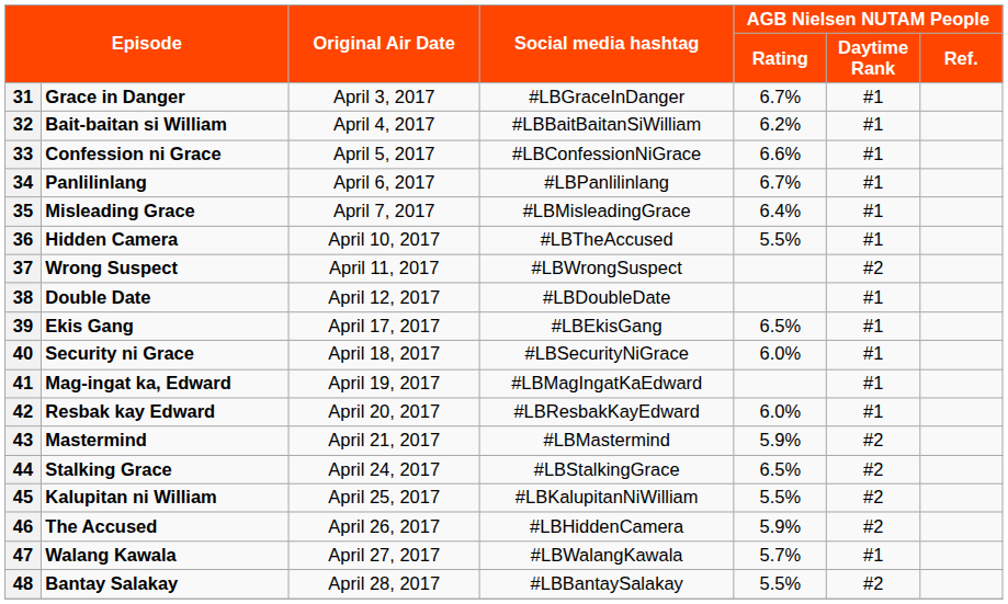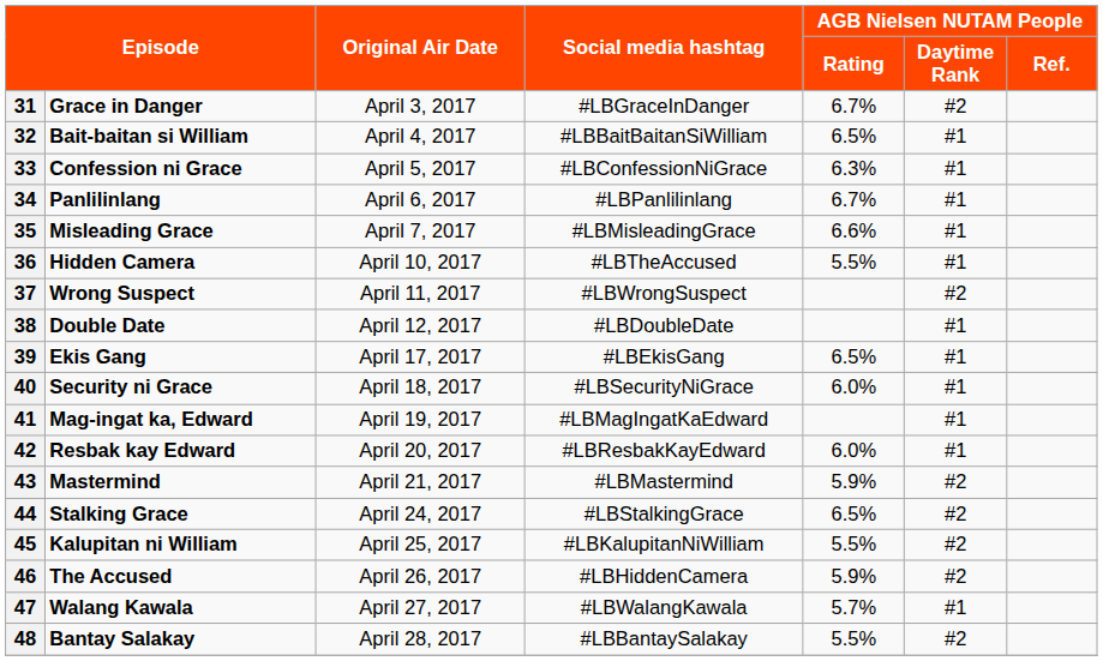 <table class="wikitable" style="text-align:center; font-size:100%; line-height:18px;"  width="100%">
 <tr>
 <th colspan="2" rowspan="2" style="background-color:#FF4500; color:#ffffff;">Episode</th>
 <th style="background:#FF4500; color:white" rowspan="2">Original Air Date</th>
 <th style="background:#FF4500; color:white" rowspan="2">Social media hashtag</th>
 <th style="background-color:#FF4500; color:#ffffff;" colspan="3">AGB Nielsen NUTAM People</th>
 </tr>
 <tr>
 <th style="background-color:#FF4500; width:75px; color:#ffffff;">Rating</th>
 <th style="background-color:#FF4500; width:75px; color:#ffffff;">Daytime<br>Rank</th>
 <th style="background-color:#FF4500; color:#ffffff;">Ref.</th>
 </tr>
 <tr>
 <th>31</th>
 <td style="text-align: left;"><strong>Grace in Danger</strong></td>
 <td>April 3, 2017</td>
 <td>#LBGraceInDanger</td>
 <td>6.7%</td>
-<td>#1</td>
+<td>#2</td>
 <td></td>
 </tr>
 <tr>
 <th>32</th>
 <td style="text-align: left;"><strong>Bait-baitan si William</strong></td>
 <td>April 4, 2017</td>
 <td>#LBBaitBaitanSiWilliam</td>
-<td>6.2%</td>
+<td>6.5%</td>
 <td>#1</td>
 <td></td>
 </tr>
 <tr>
 <th>33</th>
 <td style="text-align: left;"><strong>Confession ni Grace</strong></td>
 <td>April 5, 2017</td>
 <td>#LBConfessionNiGrace</td>
-<td>6.6%</td>
+<td>6.3%</td>
 <td>#1</td>
 <td></td>
 </tr>
 <tr>
 <th>34</th>
 <td style="text-align: left;"><strong>Panlilinlang</strong></td>
 <td>April 6, 2017</td>
 <td>#LBPanlilinlang</td>
 <td>6.7%</td>
 <td>#1</td>
 <td></td>
 </tr>
 <tr>
 <th>35</th>
 <td style="text-align: left;"><strong>Misleading Grace</strong></td>
 <td>April 7, 2017</td>
 <td>#LBMisleadingGrace</td>
-<td>6.4%</td>
+<td>6.6%</td>
 <td>#1</td>
 <td></td>
 </tr>
 <tr>
 <th>36</th>
 <td style="text-align: left;"><strong>Hidden Camera</strong></td>
 <td>April 10, 2017</td>
 <td>#LBTheAccused</td>
 <td>5.5%</td>
 <td>#1</td>
 <td></td>
 </tr>
 <tr>
 <th>37</th>
 <td style="text-align: left;"><strong>Wrong Suspect</strong></td>
 <td>April 11, 2017</td>
 <td>#LBWrongSuspect</td>
 <td></td>
 <td>#2</td>
 <td></td>
 </tr>
 <tr>
 <th>38</th>
 <td style="text-align: left;"><strong>Double Date</strong></td>
 <td>April 12, 2017</td>
 <td>#LBDoubleDate</td>
 <td></td>
 <td>#1</td>
 <td></td>
 </tr>
 <tr>
 <th>39</th>
 <td style="text-align: left;"><strong>Ekis Gang</strong></td>
 <td>April 17, 2017</td>
 <td>#LBEkisGang</td>
 <td>6.5%</td>
 <td>#1</td>
 <td></td>
 </tr>
 <tr>
 <th>40</th>
 <td style="text-align: left;"><strong>Security ni Grace</strong></td>
 <td>April 18, 2017</td>
 <td>#LBSecurityNiGrace</td>
 <td>6.0%</td>
 <td>#1</td>
 <td></td>
 </tr>
 <tr>
 <th>41</th>
 <td style="text-align: left;"><strong>Mag-ingat ka, Edward</strong></td>
 <td>April 19, 2017</td>
 <td>#LBMagIngatKaEdward</td>
 <td></td>
 <td>#1</td>
 <td></td>
 </tr>
 <tr>
 <th>42</th>
 <td style="text-align: left;"><strong>Resbak kay Edward</strong></td>
 <td>April 20, 2017</td>
 <td>#LBResbakKayEdward</td>
 <td>6.0%</td>
 <td>#1</td>
 <td></td>
 </tr>
 <tr>
 <th>43</th>
 <td style="text-align: left;"><strong>Mastermind</strong></td>
 <td>April 21, 2017</td>
 <td>#LBMastermind</td>
 <td>5.9%</td>
 <td>#2</td>
 <td></td>
 </tr>
 <tr>
 <th>44</th>
 <td style="text-align: left;"><strong>Stalking Grace</strong></td>
 <td>April 24, 2017</td>
 <td>#LBStalkingGrace</td>
 <td>6.5%</td>
 <td>#2</td>
 <td></td>
 </tr>
 <tr>
 <th>45</th>
 <td style="text-align: left;"><strong>Kalupitan ni William</strong></td>
 <td>April 25, 2017</td>
 <td>#LBKalupitanNiWilliam</td>
 <td>5.5%</td>
 <td>#2</td>
 <td></td>
 </tr>
 <tr>
 <th>46</th>
 <td style="text-align: left;"><strong>The Accused</strong></td>
 <td>April 26, 2017</td>
 <td>#LBHiddenCamera</td>
 <td>5.9%</td>
 <td>#2</td>
 <td></td>
 </tr>
 <tr>
 <th>47</th>
 <td style="text-align: left;"><strong>Walang Kawala</strong></td>
 <td>April 27, 2017</td>
 <td>#LBWalangKawala</td>
 <td>5.7%</td>
 <td>#1</td>
 <td></td>
 </tr>
 <tr>
 <th>48</th>
 <td style="text-align: left;"><strong>Bantay Salakay</strong></td>
 <td>April 28, 2017</td>
 <td>#LBBantaySalakay</td>
 <td>5.5%</td>
 <td>#2</td>
 <td></td>
 </tr>
 <tr>
 </tr>
 </table>
